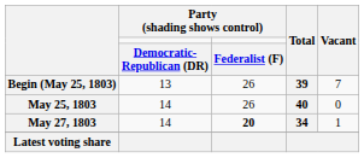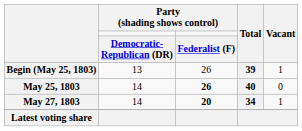 <table class="wikitable" style="text-align:center">
 <tr>
 <th scope="col" rowspan="3"> </th>
 <th scope="col" colspan="2">Party<div>(shading shows control)</div></th>
 <th scope="col" rowspan="3">Total</th>
 <th scope="col" rowspan="3">Vacant</th>
 </tr>
 <tr style="height:5px">
 <td style="background-color:"></td>
 <td style="background-color:"></td>
 </tr>
 <tr>
 <th scope="col"><a href='#'>Democratic-<br>Republican</a> (DR)</th>
 <th scope="col"><a href='#'>Federalist</a> (F)</th>
 </tr>
 <tr>
 <th scope="row">Begin (May 25, 1803)</th>
 <td>13</td>
 <td rowspan=1 >26</td>
 <th>39</th>
-<td>7</td>
+<td>1</td>
 </tr>
 <tr>
 <th scope="row">May 25, 1803 </th>
 <td>14</td>
-<td rowspan=1 >26</td>
+<td rowspan=1 ><strong>26</strong></td>
 <th>40</th>
 <td>0</td>
 </tr>
 <tr>
 <th scope="row">May 27, 1803 </th>
 <td>14</td>
 <td rowspan=1 ><strong>20</strong></td>
 <th>34</th>
 <td>1</td>
 </tr>
 <tr>
 </tr>
 <tr>
 <th scope="row">Latest voting share</th>
 <th></th>
 <th></th>
 <th colspan=2> </th>
 </tr>
 </table>
